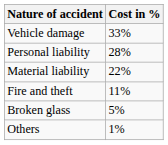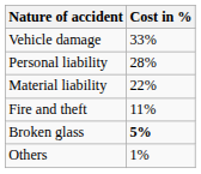 <table class="wikitable">
 <tr>
 <th>Nature of accident</th>
 <th>Cost in %</th>
 </tr>
 <tr>
 <td>Vehicle damage</td>
 <td>33%</td>
 </tr>
 <tr>
 <td>Personal liability</td>
 <td>28%</td>
 </tr>
 <tr>
 <td>Material liability</td>
 <td>22%</td>
 </tr>
 <tr>
 <td>Fire and theft</td>
 <td>11%</td>
 </tr>
 <tr>
 <td>Broken glass</td>
-<td>5%</td>
+<td><strong>5%</strong></td>
 </tr>
 <tr>
 <td>Others</td>
 <td>1%</td>
 </tr>
 </table>
